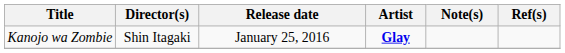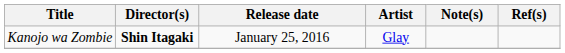 <table class="wikitable sortable" style="text-align:center; margin=auto; ">
 <tr>
 <th scope="col" width=20%>Title</th>
 <th scope="col" width=15%>Director(s)</th>
 <th scope="col" width=30%>Release date</th>
 <th scope="col" class="unsortable">Artist</th>
 <th scope="col" class="unsortable">Note(s)</th>
 <th scope="col" class="unsortable">Ref(s)</th>
 </tr>
 <tr>
 <td><em>Kanojo wa Zombie</em></td>
-<td>Shin Itagaki</td>
+<td><strong>Shin Itagaki</strong></td>
 <td>January 25, 2016</td>
-<td><strong><a href='#'>Glay</a></strong></td>
+<td><a href='#'>Glay</a></td>
 <td></td>
 <td></td>
 </tr>
 <tr>
 </tr>
 </table>
